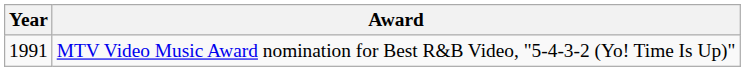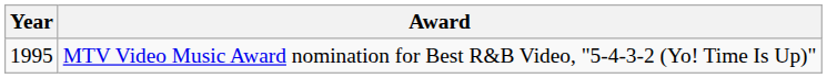 <table class="wikitable">
 <tr>
 <th>Year</th>
 <th>Award</th>
 </tr>
 <tr>
-<td>1991</td>
+<td>1995</td>
 <td><a href='#'>MTV Video Music Award</a> nomination for Best R&B Video, "5-4-3-2 (Yo! Time Is Up)"</td>
 </tr>
 </table>
